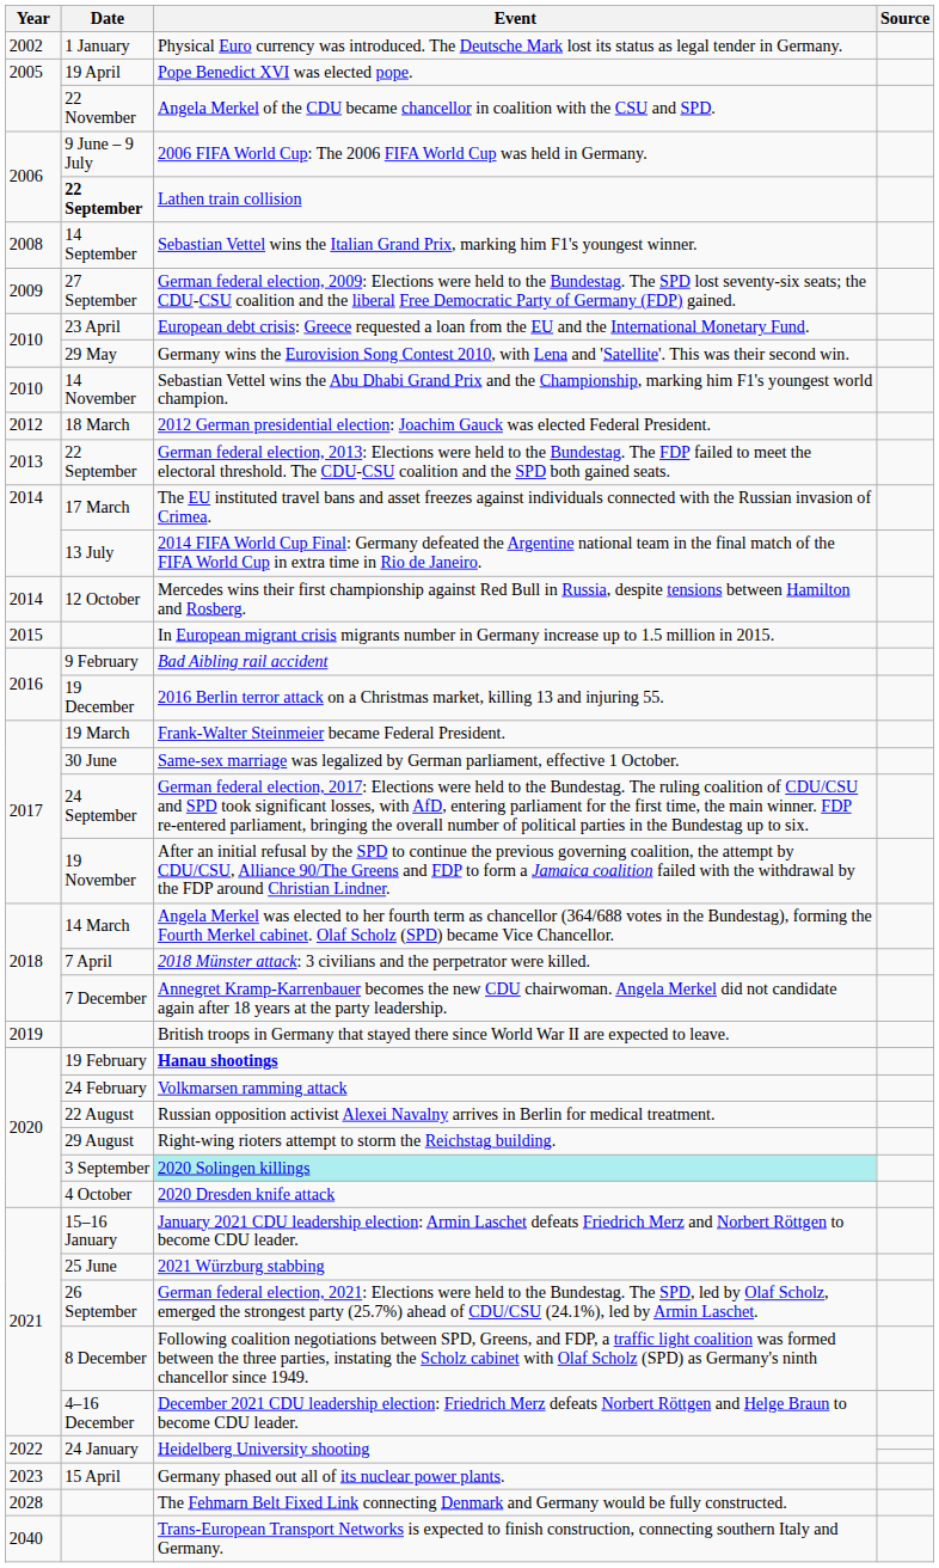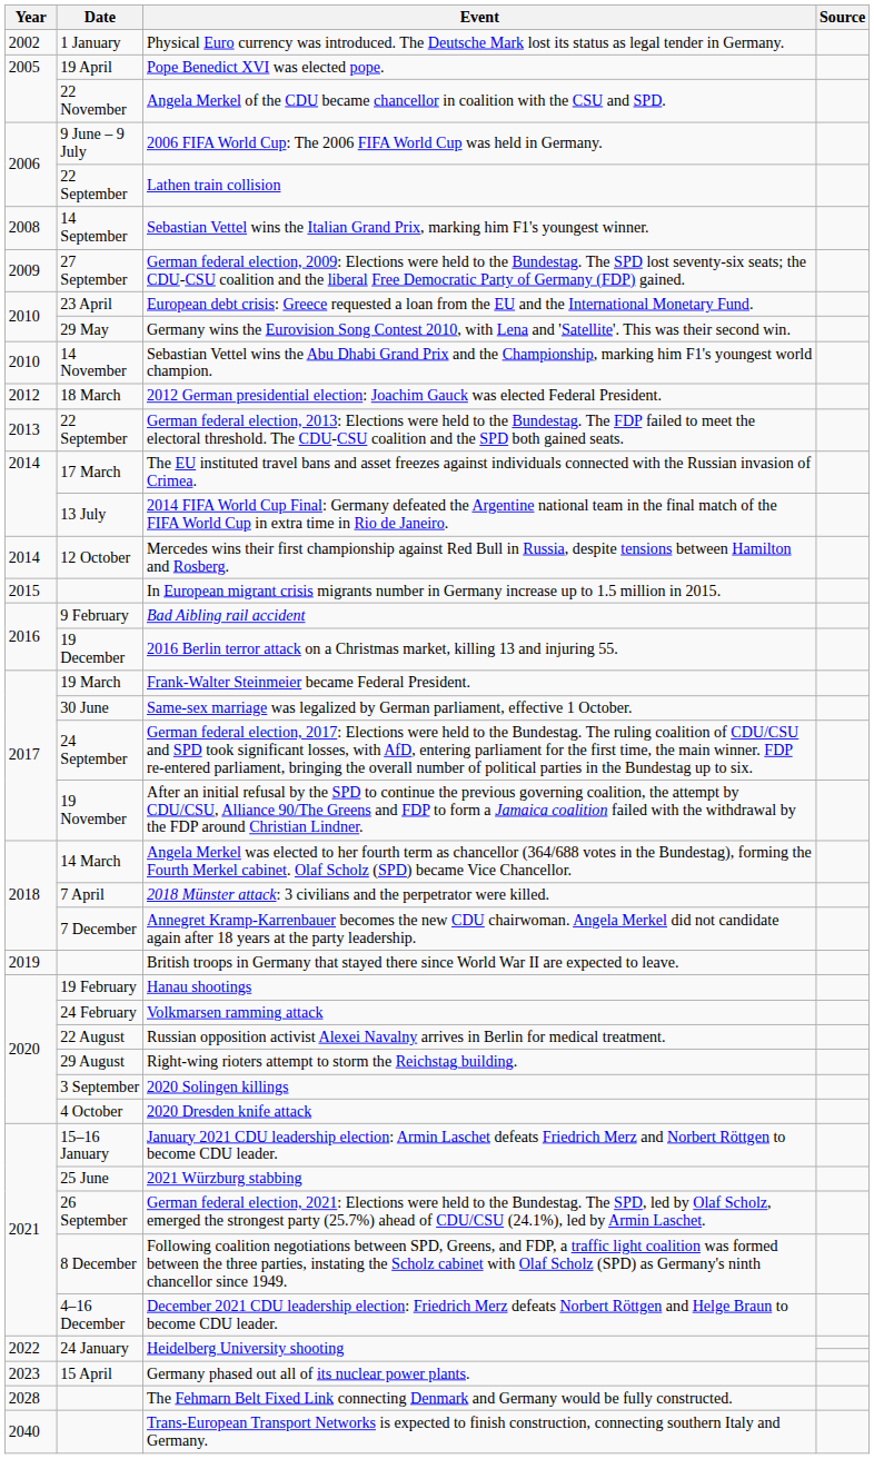 <table class="wikitable" width="100%">
 <tr>
 <th style="width:6%">Year</th>
 <th style="width:10%">Date</th>
 <th>Event</th>
 <th>Source</th>
 </tr>
 <tr>
 <td>2002</td>
 <td>1 January</td>
 <td>Physical <a href='#'>Euro</a> currency was introduced.  The <a href='#'>Deutsche Mark</a> lost its status as legal tender in Germany.</td>
 <td></td>
 </tr>
 <tr>
 <td rowspan="2" valign="top">2005</td>
 <td>19 April</td>
 <td><a href='#'>Pope Benedict XVI</a> was elected <a href='#'>pope</a>.</td>
 <td></td>
 </tr>
 <tr>
 <td>22 November</td>
 <td><a href='#'>Angela Merkel</a> of the <a href='#'>CDU</a> became <a href='#'>chancellor</a> in coalition with the <a href='#'>CSU</a> and <a href='#'>SPD</a>.</td>
 <td></td>
 </tr>
 <tr>
 <td rowspan="2">2006</td>
 <td>9 June – 9 July</td>
 <td><a href='#'>2006 FIFA World Cup</a>: The 2006 <a href='#'>FIFA World Cup</a> was held in Germany.</td>
 <td></td>
 </tr>
 <tr>
-<td><strong>22 September</strong></td>
+<td>22 September</td>
 <td><a href='#'>Lathen train collision</a></td>
 <td></td>
 </tr>
 <tr>
 <td>2008</td>
 <td>14 September</td>
 <td><a href='#'>Sebastian Vettel</a> wins the <a href='#'>Italian Grand Prix</a>, marking him F1's youngest winner.</td>
 <td></td>
 </tr>
 <tr>
 <td>2009</td>
 <td>27 September</td>
 <td><a href='#'>German federal election, 2009</a>: Elections were held to the <a href='#'>Bundestag</a>.  The <a href='#'>SPD</a> lost seventy-six seats; the <a href='#'>CDU</a>-<a href='#'>CSU</a> coalition and the <a href='#'>liberal</a> <a href='#'>Free Democratic Party of Germany (FDP)</a> gained.</td>
 <td></td>
 </tr>
 <tr>
 <td rowspan="2">2010</td>
 <td>23 April</td>
 <td><a href='#'>European debt crisis</a>: <a href='#'>Greece</a> requested a loan from the <a href='#'>EU</a> and the <a href='#'>International Monetary Fund</a>.</td>
 <td></td>
 </tr>
 <tr>
 <td>29 May</td>
 <td>Germany wins the <a href='#'>Eurovision Song Contest 2010</a>, with <a href='#'>Lena</a> and '<a href='#'>Satellite</a>'. This was their second win.</td>
 <td></td>
 </tr>
 <tr>
 <td>2010</td>
 <td>14 November</td>
 <td>Sebastian Vettel wins the <a href='#'>Abu Dhabi Grand Prix</a> and the <a href='#'>Championship</a>, marking him F1's youngest world champion.</td>
 <td></td>
 </tr>
 <tr>
 <td>2012</td>
 <td>18 March</td>
 <td><a href='#'>2012 German presidential election</a>: <a href='#'>Joachim Gauck</a> was elected Federal President.</td>
 <td></td>
 </tr>
 <tr>
 <td>2013</td>
 <td>22 September</td>
 <td><a href='#'>German federal election, 2013</a>: Elections were held to the <a href='#'>Bundestag</a>.  The <a href='#'>FDP</a> failed to meet the electoral threshold.  The <a href='#'>CDU</a>-<a href='#'>CSU</a> coalition and the <a href='#'>SPD</a> both gained seats.</td>
 <td></td>
 </tr>
 <tr>
 <td rowspan="2" valign="top">2014</td>
 <td>17 March</td>
 <td>The <a href='#'>EU</a> instituted travel bans and asset freezes against individuals connected with the Russian invasion of <a href='#'>Crimea</a>.</td>
 <td></td>
 </tr>
 <tr>
 <td>13 July</td>
 <td><a href='#'>2014 FIFA World Cup Final</a>: Germany defeated the <a href='#'>Argentine</a> national team in the final match of the <a href='#'>FIFA World Cup</a> in extra time in <a href='#'>Rio de Janeiro</a>.</td>
 <td></td>
 </tr>
 <tr>
 <td>2014</td>
 <td>12 October</td>
 <td>Mercedes wins their first championship against Red Bull in <a href='#'>Russia</a>, despite <a href='#'>tensions</a> between <a href='#'>Hamilton</a> and <a href='#'>Rosberg</a>.</td>
 <td></td>
 </tr>
 <tr>
 <td>2015</td>
 <td></td>
 <td>In <a href='#'>European migrant crisis</a> migrants number in Germany increase up to 1.5 million in 2015.</td>
 <td></td>
 </tr>
 <tr>
 <td rowspan="2">2016</td>
 <td>9 February</td>
 <td><em><a href='#'>Bad Aibling rail accident</a></em></td>
 <td></td>
 </tr>
 <tr>
 <td>19 December</td>
 <td><a href='#'>2016 Berlin terror attack</a> on a Christmas market, killing 13 and injuring 55.</td>
 <td></td>
 </tr>
 <tr>
 <td rowspan="4">2017</td>
 <td>19 March</td>
 <td><a href='#'>Frank-Walter Steinmeier</a> became Federal President.</td>
 <td></td>
 </tr>
 <tr>
 <td>30 June</td>
 <td><a href='#'>Same-sex marriage</a> was legalized by German parliament, effective 1 October.</td>
 <td></td>
 </tr>
 <tr>
 <td>24 September</td>
 <td><a href='#'>German federal election, 2017</a>: Elections were held to the Bundestag. The ruling coalition of <a href='#'>CDU/CSU</a> and <a href='#'>SPD</a> took significant losses, with <a href='#'>AfD</a>, entering parliament for the first time, the main winner. <a href='#'>FDP</a> re-entered parliament, bringing the overall number of political parties in the Bundestag up to six.</td>
 <td></td>
 </tr>
 <tr>
 <td>19 November</td>
 <td>After an initial refusal by the <a href='#'>SPD</a> to continue the previous governing coalition, the attempt by <a href='#'>CDU/CSU</a>, <a href='#'>Alliance 90/The Greens</a> and <a href='#'>FDP</a> to form a <em><a href='#'>Jamaica coalition</a></em> failed with the withdrawal by the FDP around <a href='#'>Christian Lindner</a>.</td>
 <td></td>
 </tr>
 <tr>
 <td rowspan="3">2018</td>
 <td>14 March</td>
 <td><a href='#'>Angela Merkel</a> was elected to her fourth term as chancellor (364/688 votes in the Bundestag), forming the <a href='#'>Fourth Merkel cabinet</a>. <a href='#'>Olaf Scholz</a> (<a href='#'>SPD</a>) became Vice Chancellor.</td>
 <td></td>
 </tr>
 <tr>
 <td>7 April</td>
 <td><em><a href='#'>2018 Münster attack</a></em>: 3 civilians and the perpetrator were killed.</td>
 <td></td>
 </tr>
 <tr>
 <td>7 December</td>
 <td><a href='#'>Annegret Kramp-Karrenbauer</a> becomes the new <a href='#'>CDU</a> chairwoman. <a href='#'>Angela Merkel</a> did not candidate again after 18 years at the party leadership.</td>
 <td></td>
 </tr>
 <tr>
 <td>2019</td>
 <td></td>
 <td>British troops in Germany that stayed there since World War II are expected to leave.</td>
 <td></td>
 </tr>
 <tr>
 <td rowspan="6">2020</td>
 <td>19 February</td>
-<td><strong><a href='#'>Hanau shootings</a></strong></td>
+<td><a href='#'>Hanau shootings</a></td>
 <td></td>
 </tr>
 <tr>
 <td>24 February</td>
 <td><a href='#'>Volkmarsen ramming attack</a></td>
 <td></td>
 </tr>
 <tr>
 <td>22 August</td>
 <td>Russian opposition activist <a href='#'>Alexei Navalny</a> arrives in Berlin for medical treatment.</td>
 <td></td>
 </tr>
 <tr>
 <td>29 August</td>
 <td>Right-wing rioters attempt to storm the <a href='#'>Reichstag building</a>.</td>
 <td></td>
 </tr>
 <tr>
 <td>3 September</td>
-<td style="background: paleturquoise;"><a href='#'>2020 Solingen killings</a></td>
+<td><a href='#'>2020 Solingen killings</a></td>
 <td></td>
 </tr>
 <tr>
 <td>4 October</td>
 <td><a href='#'>2020 Dresden knife attack</a></td>
 <td></td>
 </tr>
 <tr>
 <td rowspan="5">2021</td>
 <td>15–16 January</td>
 <td><a href='#'>January 2021 CDU leadership election</a>: <a href='#'>Armin Laschet</a> defeats <a href='#'>Friedrich Merz</a> and <a href='#'>Norbert Röttgen</a> to become CDU leader.</td>
 <td></td>
 </tr>
 <tr>
 <td>25 June</td>
 <td><a href='#'>2021 Würzburg stabbing</a></td>
 <td></td>
 </tr>
 <tr>
 <td>26 September</td>
 <td><a href='#'>German federal election, 2021</a>: Elections were held to the Bundestag. The <a href='#'>SPD</a>, led by <a href='#'>Olaf Scholz</a>, emerged the strongest party (25.7%) ahead of <a href='#'>CDU/CSU</a> (24.1%), led by <a href='#'>Armin Laschet</a>.</td>
 <td></td>
 </tr>
 <tr>
 <td>8 December</td>
 <td>Following coalition negotiations between SPD, Greens, and FDP, a <a href='#'>traffic light coalition</a> was formed between the three parties, instating the <a href='#'>Scholz cabinet</a> with <a href='#'>Olaf Scholz</a> (SPD) as Germany's ninth chancellor since 1949.</td>
 <td></td>
 </tr>
 <tr>
 <td>4–16 December</td>
 <td><a href='#'>December 2021 CDU leadership election</a>: <a href='#'>Friedrich Merz</a> defeats <a href='#'>Norbert Röttgen</a> and <a href='#'>Helge Braun</a> to become CDU leader.</td>
 <td></td>
 </tr>
 <tr>
 <td rowspan="2">2022</td>
 <td rowspan="2">24 January</td>
 <td rowspan="2"><a href='#'>Heidelberg University shooting</a></td>
 <td></td>
 </tr>
 <tr>
 <td></td>
 </tr>
 <tr>
 <td>2023</td>
 <td>15 April</td>
 <td>Germany phased out all of <a href='#'>its nuclear power plants</a>.</td>
 <td></td>
 </tr>
 <tr>
 <td>2028</td>
 <td></td>
 <td>The <a href='#'>Fehmarn Belt Fixed Link</a> connecting <a href='#'>Denmark</a> and Germany would be fully constructed.</td>
 <td></td>
 </tr>
 <tr>
 <td>2040</td>
 <td></td>
 <td><a href='#'>Trans-European Transport Networks</a> is expected to finish construction, connecting southern Italy and Germany.</td>
 <td></td>
 </tr>
 </table>
